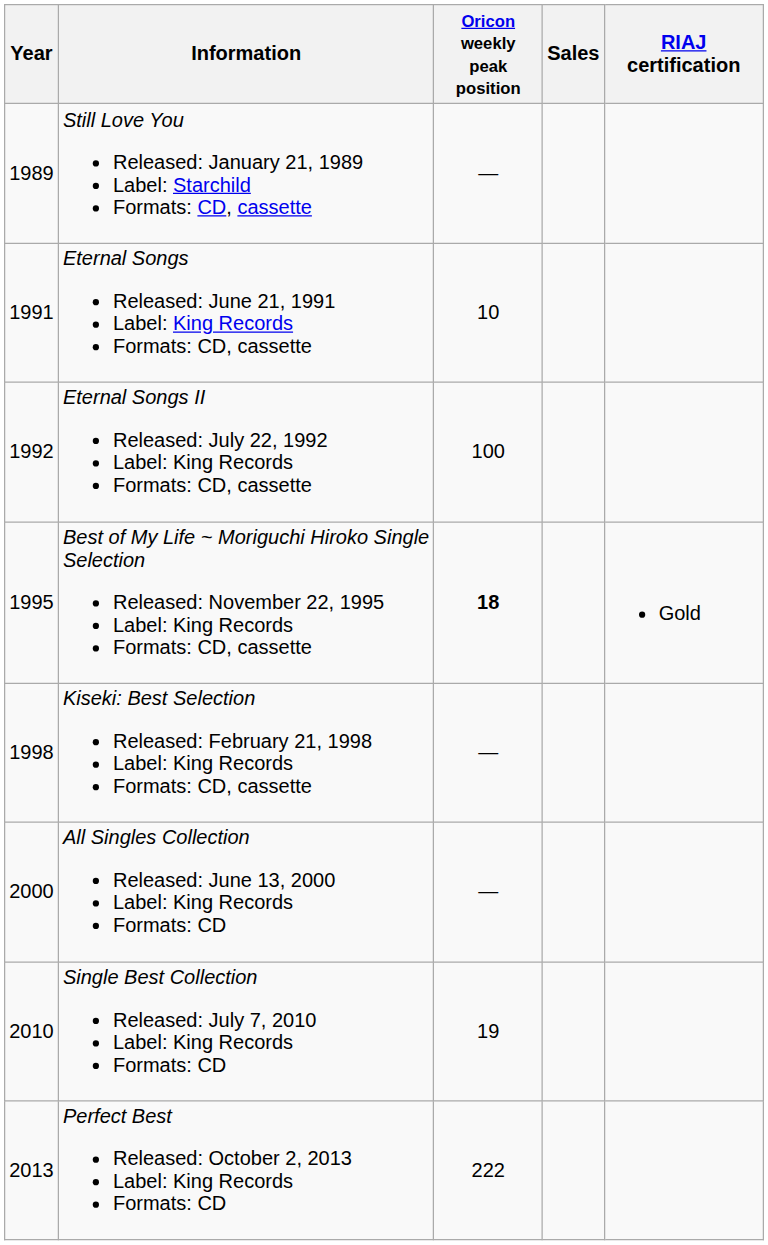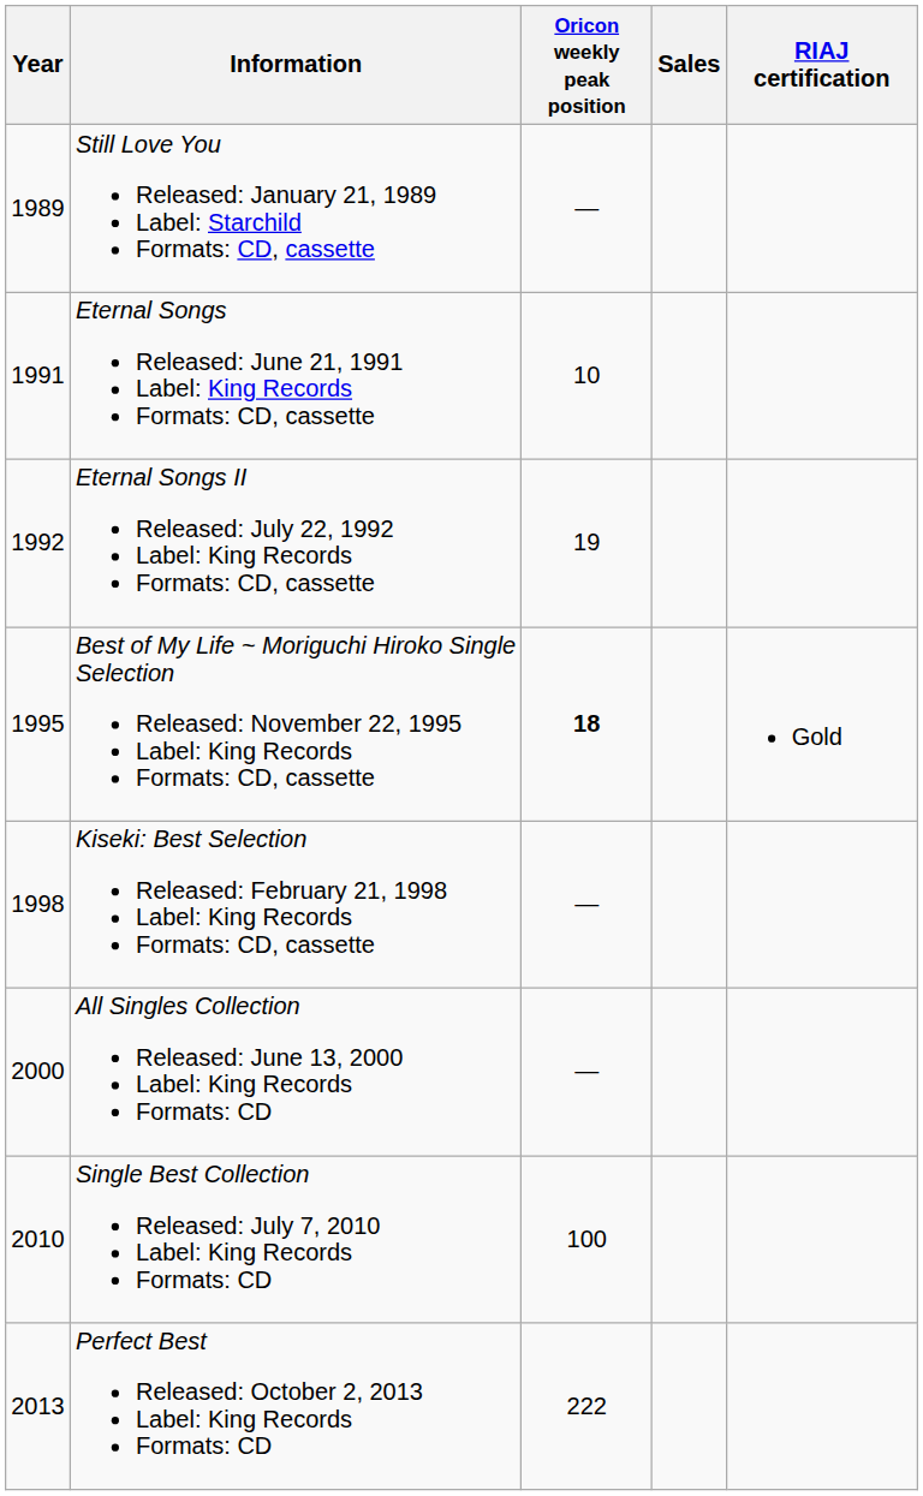 <table class="wikitable">
 <tr>
 <th>Year</th>
 <th>Information</th>
 <th><small><a href='#'>Oricon</a> weekly<br>peak position</small></th>
 <th>Sales<br></th>
 <th><a href='#'>RIAJ</a> certification</th>
 </tr>
 <tr>
 <td>1989</td>
 <td><em>Still Love You</em><br><ul><li>Released: January 21, 1989</li><li>Label: <a href='#'>Starchild</a></li><li>Formats: <a href='#'>CD</a>, <a href='#'>cassette</a></li></ul></td>
 <td style="text-align:center;">—</td>
 <td align="left"></td>
 <td align="left"></td>
 </tr>
 <tr>
 <td>1991</td>
 <td><em>Eternal Songs</em><br><ul><li>Released: June 21, 1991</li><li>Label: <a href='#'>King Records</a></li><li>Formats: CD, cassette</li></ul></td>
 <td style="text-align:center;">10</td>
 <td align="left"></td>
 <td align="left"></td>
 </tr>
 <tr>
 <td>1992</td>
 <td><em>Eternal Songs II</em><br><ul><li>Released: July 22, 1992</li><li>Label: King Records</li><li>Formats: CD, cassette</li></ul></td>
-<td style="text-align:center;">100</td>
+<td style="text-align:center;">19</td>
 <td align="left"></td>
 <td align="left"></td>
 </tr>
 <tr>
 <td>1995</td>
 <td><em>Best of My Life ~ Moriguchi Hiroko Single Selection</em><br><ul><li>Released: November 22, 1995</li><li>Label: King Records</li><li>Formats: CD, cassette</li></ul></td>
 <td style="text-align:center;"><strong>18</strong></td>
 <td align="left"></td>
 <td align="left"><br><ul><li>Gold</li></ul></td>
 </tr>
 <tr>
 <td>1998</td>
 <td><em>Kiseki: Best Selection</em><br><ul><li>Released: February 21, 1998</li><li>Label: King Records</li><li>Formats: CD, cassette</li></ul></td>
 <td style="text-align:center;">—</td>
 <td align="left"></td>
 <td align="left"></td>
 </tr>
 <tr>
 <td>2000</td>
 <td><em>All Singles Collection</em><br><ul><li>Released: June 13, 2000</li><li>Label: King Records</li><li>Formats: CD</li></ul></td>
 <td style="text-align:center;">—</td>
 <td align="left"></td>
 <td align="left"></td>
 </tr>
 <tr>
 <td>2010</td>
 <td><em>Single Best Collection</em><br><ul><li>Released: July 7, 2010</li><li>Label: King Records</li><li>Formats: CD</li></ul></td>
-<td style="text-align:center;">19</td>
+<td style="text-align:center;">100</td>
 <td align="left"></td>
 <td align="left"></td>
 </tr>
 <tr>
 <td>2013</td>
 <td><em>Perfect Best</em><br><ul><li>Released: October 2, 2013</li><li>Label: King Records</li><li>Formats: CD</li></ul></td>
 <td style="text-align:center;">222</td>
 <td align="left"></td>
 <td align="left"></td>
 </tr>
 </table>
